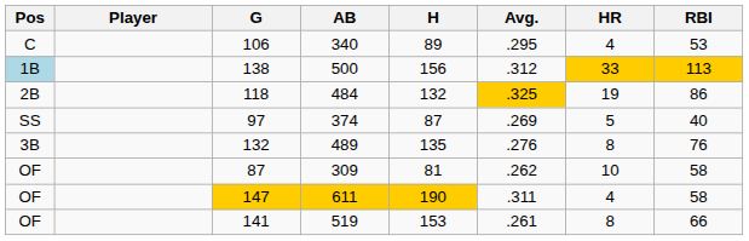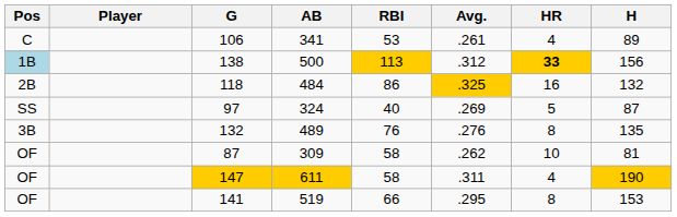 <table class="wikitable sortable">
 <tr>
 <th bgcolor="#DDDDFF" width="5%">Pos</th>
 <th bgcolor="#DDDDFF" width="16%">Player</th>
 <th bgcolor="#DDDDFF" width="9%">G</th>
 <th bgcolor="#DDDDFF" width="9%">AB</th>
-<th bgcolor="#DDDDFF" width="9%">H</th>
+<th bgcolor="#DDDDFF" width="9%">RBI</th>
 <th bgcolor="#DDDDFF" width="9%">Avg.</th>
 <th bgcolor="#DDDDFF" width="9%">HR</th>
-<th bgcolor="#DDDDFF" width="9%">RBI</th>
+<th bgcolor="#DDDDFF" width="9%">H</th>
 </tr>
 <tr align="center">
 <td>C</td>
 <td></td>
 <td>106</td>
-<td>340</td>
+<td>341</td>
+<td>53</td>
+<td>.261</td>
+<td>4</td>
 <td>89</td>
-<td>.295</td>
-<td>4</td>
-<td>53</td>
 </tr>
 <tr align="center">
 <td style="background: lightblue;">1B</td>
 <td></td>
 <td>138</td>
 <td>500</td>
+<td style="background:#fc0;">113</td>
+<td>.312</td>
+<td style="background:#fc0;"><strong>33</strong></td>
 <td>156</td>
-<td>.312</td>
-<td style="background:#fc0;">33</td>
-<td style="background:#fc0;">113</td>
 </tr>
 <tr align="center">
 <td>2B</td>
 <td></td>
 <td>118</td>
 <td>484</td>
+<td>86</td>
+<td style="background:#fc0;">.325</td>
+<td>16</td>
 <td>132</td>
-<td style="background:#fc0;">.325</td>
-<td>19</td>
-<td>86</td>
 </tr>
 <tr align="center">
 <td>SS</td>
 <td></td>
 <td>97</td>
-<td>374</td>
-<td>87</td>
+<td>324</td>
+<td>40</td>
 <td>.269</td>
 <td>5</td>
-<td>40</td>
+<td>87</td>
 </tr>
 <tr align="center">
 <td>3B</td>
 <td></td>
 <td>132</td>
 <td>489</td>
-<td>135</td>
+<td>76</td>
 <td>.276</td>
 <td>8</td>
-<td>76</td>
+<td>135</td>
 </tr>
 <tr align="center">
 <td>OF</td>
 <td></td>
 <td>87</td>
 <td>309</td>
-<td>81</td>
+<td>58</td>
 <td>.262</td>
 <td>10</td>
-<td>58</td>
+<td>81</td>
 </tr>
 <tr align="center">
 <td>OF</td>
 <td></td>
 <td style="background:#fc0;">147</td>
 <td style="background:#fc0;">611</td>
-<td style="background:#fc0;">190</td>
+<td>58</td>
 <td>.311</td>
 <td>4</td>
-<td>58</td>
+<td style="background:#fc0;">190</td>
 </tr>
 <tr align="center">
 <td>OF</td>
 <td></td>
 <td>141</td>
 <td>519</td>
+<td>66</td>
+<td>.295</td>
+<td>8</td>
 <td>153</td>
-<td>.261</td>
-<td>8</td>
-<td>66</td>
 </tr>
 </table>
